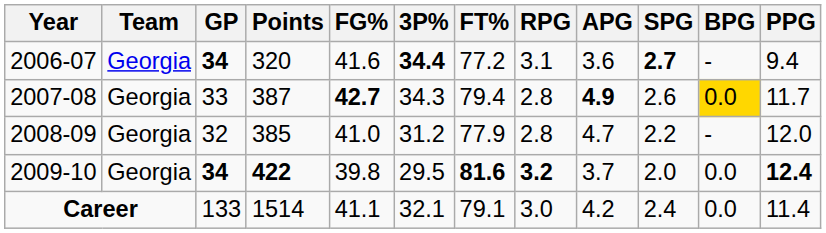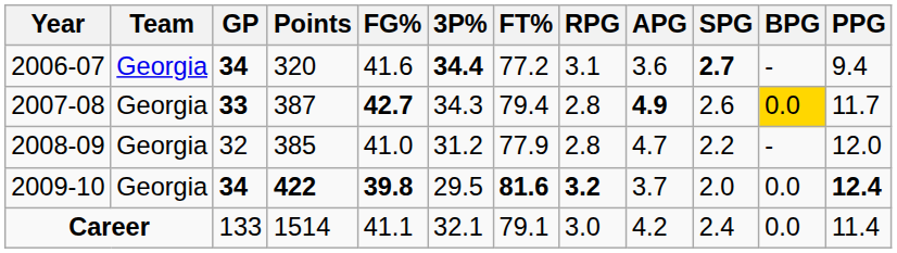 <table class="wikitable">
 <tr>
 <th>Year</th>
 <th>Team</th>
 <th>GP</th>
 <th>Points</th>
 <th>FG%</th>
 <th>3P%</th>
 <th>FT%</th>
 <th>RPG</th>
 <th>APG</th>
 <th>SPG</th>
 <th>BPG</th>
 <th>PPG</th>
 </tr>
 <tr>
 <td>2006-07</td>
 <td><a href='#'>Georgia</a></td>
 <td><strong>34</strong></td>
 <td>320</td>
 <td>41.6</td>
 <td><strong>34.4</strong></td>
 <td>77.2</td>
 <td>3.1</td>
 <td>3.6</td>
 <td><strong>2.7</strong></td>
 <td>-</td>
 <td>9.4</td>
 </tr>
 <tr>
 <td>2007-08</td>
 <td>Georgia</td>
-<td>33</td>
+<td><strong>33</strong></td>
 <td>387</td>
 <td><strong>42.7</strong></td>
 <td>34.3</td>
 <td>79.4</td>
 <td>2.8</td>
 <td><strong>4.9</strong></td>
 <td>2.6</td>
 <td style="background: gold;">0.0</td>
 <td>11.7</td>
 </tr>
 <tr>
 <td>2008-09</td>
 <td>Georgia</td>
 <td>32</td>
 <td>385</td>
 <td>41.0</td>
 <td>31.2</td>
 <td>77.9</td>
 <td>2.8</td>
 <td>4.7</td>
 <td>2.2</td>
 <td>-</td>
 <td>12.0</td>
 </tr>
 <tr>
 <td>2009-10</td>
 <td>Georgia</td>
 <td><strong>34</strong></td>
 <td><strong>422</strong></td>
-<td>39.8</td>
+<td><strong>39.8</strong></td>
 <td>29.5</td>
 <td><strong>81.6</strong></td>
 <td><strong>3.2</strong></td>
 <td>3.7</td>
 <td>2.0</td>
 <td>0.0</td>
 <td><strong>12.4</strong></td>
 </tr>
 <tr class="sortbottom">
 <td colspan=2 align=center><strong>Career</strong></td>
 <td>133</td>
 <td>1514</td>
 <td>41.1</td>
 <td>32.1</td>
 <td>79.1</td>
 <td>3.0</td>
 <td>4.2</td>
 <td>2.4</td>
 <td>0.0</td>
 <td>11.4</td>
 </tr>
 </table>
